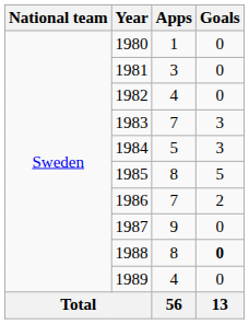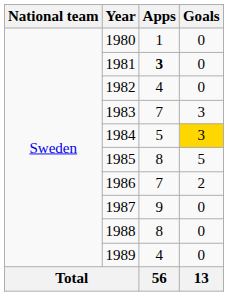 <table class="wikitable" style="text-align:center">
 <tr>
 <th>National team</th>
 <th>Year</th>
 <th>Apps</th>
 <th>Goals</th>
 </tr>
 <tr>
 <td rowspan="10"><a href='#'>Sweden</a></td>
 <td>1980</td>
 <td>1</td>
 <td>0</td>
 </tr>
 <tr>
 <td>1981</td>
-<td>3</td>
+<td><strong>3</strong></td>
 <td>0</td>
 </tr>
 <tr>
 <td>1982</td>
 <td>4</td>
 <td>0</td>
 </tr>
 <tr>
 <td>1983</td>
 <td>7</td>
 <td>3</td>
 </tr>
 <tr>
 <td>1984</td>
 <td>5</td>
-<td>3</td>
+<td style="background: gold;">3</td>
 </tr>
 <tr>
 <td>1985</td>
 <td>8</td>
 <td>5</td>
 </tr>
 <tr>
 <td>1986</td>
 <td>7</td>
 <td>2</td>
 </tr>
 <tr>
 <td>1987</td>
 <td>9</td>
 <td>0</td>
 </tr>
 <tr>
 <td>1988</td>
 <td>8</td>
-<td><strong>0</strong></td>
+<td>0</td>
 </tr>
 <tr>
 <td>1989</td>
 <td>4</td>
 <td>0</td>
 </tr>
 <tr>
 <th colspan="2">Total</th>
 <th>56</th>
 <th>13</th>
 </tr>
 </table>
